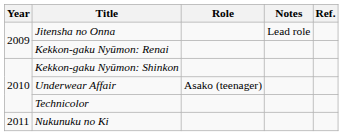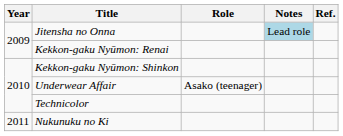 <table class="wikitable">
 <tr>
 <th>Year</th>
 <th>Title</th>
 <th>Role</th>
 <th>Notes</th>
 <th>Ref.</th>
 </tr>
 <tr>
 <td rowspan="2">2009</td>
 <td><em>Jitensha no Onna</em></td>
 <td></td>
-<td>Lead role</td>
+<td style="background: lightblue;">Lead role</td>
 <td></td>
 </tr>
 <tr>
 <td><em>Kekkon-gaku Nyūmon: Renai</em></td>
 <td></td>
 <td></td>
 <td></td>
 </tr>
 <tr>
 <td rowspan="3">2010</td>
 <td><em>Kekkon-gaku Nyūmon: Shinkon</em></td>
 <td></td>
 <td></td>
 <td></td>
 </tr>
 <tr>
 <td><em>Underwear Affair</em></td>
 <td>Asako (teenager)</td>
 <td></td>
 <td></td>
 </tr>
 <tr>
 <td><em>Technicolor</em></td>
 <td></td>
 <td></td>
 <td></td>
 </tr>
 <tr>
 <td>2011</td>
 <td><em>Nukunuku no Ki</em></td>
 <td></td>
 <td></td>
 <td></td>
 </tr>
 </table>
